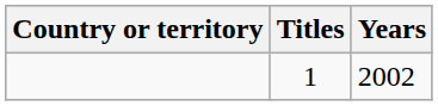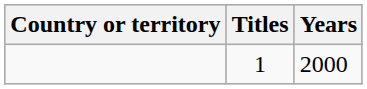 <table class="wikitable" style="font-size:95%">
 <tr>
 <th>Country or territory</th>
 <th>Titles</th>
 <th>Years</th>
 </tr>
 <tr>
 <td></td>
 <td style="text-align:center;">1</td>
-<td>2002</td>
+<td>2000</td>
 </tr>
 </table>
